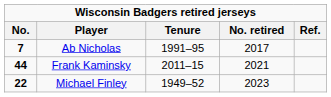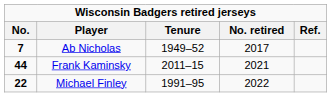 <table class="wikitable sortable" style="text-align:center">
 <tr>
 <td colspan="6"><strong>Wisconsin Badgers retired jerseys</strong></td>
 </tr>
 <tr>
 <th width=40px>No.</th>
 <th width=150px>Player</th>
 <th width=100px>Tenure</th>
 <th width=100px>No. retired</th>
 <th width=40px>Ref.</th>
 </tr>
 <tr>
 <td><strong>7</strong></td>
 <td><a href='#'>Ab Nicholas</a></td>
-<td>1991–95</td>
+<td>1949–52</td>
 <td>2017</td>
 <td></td>
 </tr>
 <tr>
 <td><strong>44</strong></td>
 <td><a href='#'>Frank Kaminsky</a></td>
 <td>2011–15</td>
 <td>2021</td>
 <td></td>
 </tr>
 <tr>
 <td><strong>22</strong></td>
 <td><a href='#'>Michael Finley</a></td>
-<td>1949–52</td>
-<td>2023</td>
+<td>1991–95</td>
+<td>2022</td>
 <td></td>
 </tr>
 </table>
